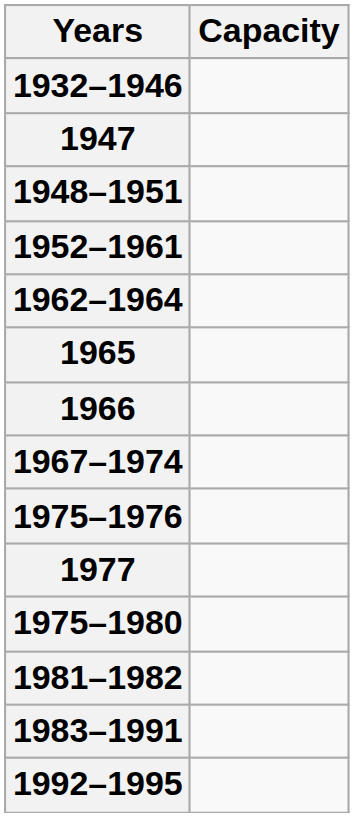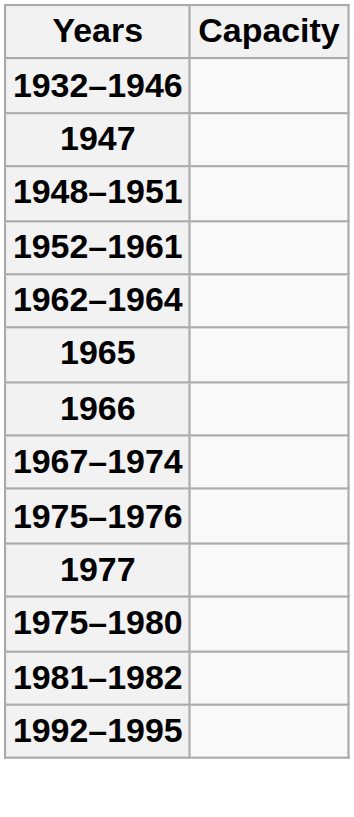 <table class="wikitable">
 <tr>
 <th scope="row">Years</th>
 <th scope="row">Capacity</th>
 </tr>
 <tr>
 <th scope="row">1932–1946</th>
 <td></td>
 </tr>
 <tr>
 <th scope="row">1947</th>
 <td></td>
 </tr>
 <tr>
 <th scope="row">1948–1951</th>
 <td></td>
 </tr>
 <tr>
 <th scope="row">1952–1961</th>
 <td></td>
 </tr>
 <tr>
 <th scope="row">1962–1964</th>
 <td></td>
 </tr>
 <tr>
 <th scope="row">1965</th>
 <td></td>
 </tr>
 <tr>
 <th scope="row">1966</th>
 <td></td>
 </tr>
 <tr>
 <th scope="row">1967–1974</th>
 <td></td>
 </tr>
 <tr>
 <th scope="row">1975–1976</th>
 <td></td>
 </tr>
 <tr>
 <th scope="row">1977</th>
 <td></td>
 </tr>
 <tr>
 <th scope="row">1975–1980</th>
 <td></td>
 </tr>
 <tr>
 <th scope="row">1981–1982</th>
 <td></td>
 </tr>
 <tr>
-<th scope="row">1983–1991</th>
-<td></td>
-</tr>
-<tr>
 <th scope="row">1992–1995</th>
 <td></td>
 </tr>
 </table>
